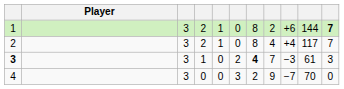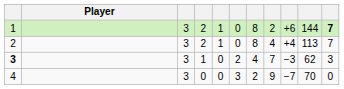 <table class="wikitable" style="text-align:center; margin: 1em auto 1em auto, align:left">
 <tr>
 <th width=20></th>
 <th width=240>Player</th>
 <th width=20></th>
 <th width=20></th>
 <th width=20></th>
 <th width=20></th>
 <th width=20></th>
 <th width=20></th>
 <th width=20></th>
 <th width=30></th>
 <th width=20></th>
 </tr>
 <tr style="background:#D0F0C0;">
 <td>1</td>
 <td align=left></td>
 <td>3</td>
 <td>2</td>
 <td>1</td>
 <td>0</td>
 <td>8</td>
 <td>2</td>
 <td>+6</td>
 <td>144</td>
 <td><strong>7</strong></td>
 </tr>
 <tr style=>
 <td>2</td>
 <td align=left></td>
 <td>3</td>
 <td>2</td>
 <td>1</td>
 <td>0</td>
 <td>8</td>
 <td>4</td>
 <td>+4</td>
-<td>117</td>
+<td>113</td>
 <td>7</td>
 </tr>
 <tr style=>
 <td><strong>3</strong></td>
 <td align=left></td>
 <td>3</td>
 <td>1</td>
 <td>0</td>
 <td>2</td>
-<td><strong>4</strong></td>
+<td>4</td>
 <td>7</td>
 <td>−3</td>
-<td>61</td>
+<td>62</td>
 <td>3</td>
 </tr>
 <tr style=>
 <td>4</td>
 <td align=left></td>
 <td>3</td>
 <td>0</td>
 <td>0</td>
 <td>3</td>
 <td>2</td>
 <td>9</td>
 <td>−7</td>
 <td>70</td>
 <td>0</td>
 </tr>
 </table>
